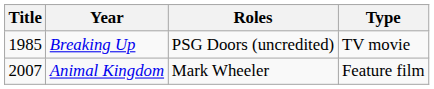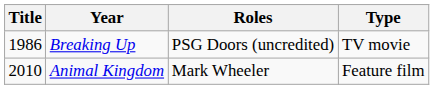 <table class="wikitable"">
 <tr>
 <th>Title</th>
 <th>Year</th>
 <th>Roles</th>
 <th>Type</th>
 </tr>
 <tr>
-<td>1985</td>
+<td>1986</td>
 <td><em><a href='#'>Breaking Up</a></em></td>
 <td>PSG Doors (uncredited)</td>
 <td>TV movie</td>
 </tr>
 <tr>
-<td>2007</td>
+<td>2010</td>
 <td><em><a href='#'>Animal Kingdom</a></em></td>
 <td>Mark Wheeler</td>
 <td>Feature film</td>
 </tr>
 </table>
